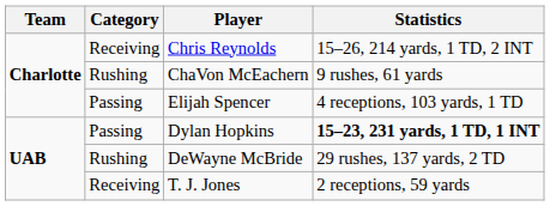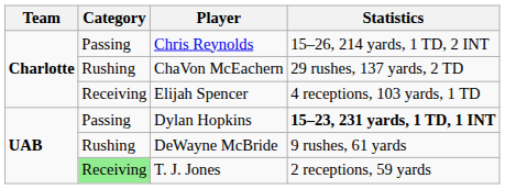 <table class="wikitable" style="float: left;">
 <tr>
 <th>Team</th>
 <th>Category</th>
 <th>Player</th>
 <th>Statistics</th>
 </tr>
 <tr>
 <td rowspan=3><strong>Charlotte</strong></td>
-<td>Receiving</td>
+<td>Passing</td>
 <td><a href='#'>Chris Reynolds</a></td>
 <td>15–26, 214 yards, 1 TD, 2 INT</td>
 </tr>
 <tr>
 <td>Rushing</td>
 <td>ChaVon McEachern</td>
-<td>9 rushes, 61 yards</td>
+<td>29 rushes, 137 yards, 2 TD</td>
 </tr>
 <tr>
-<td>Passing</td>
+<td>Receiving</td>
 <td>Elijah Spencer</td>
 <td>4 receptions, 103 yards, 1 TD</td>
 </tr>
 <tr>
 <td rowspan=3><strong>UAB</strong></td>
 <td>Passing</td>
 <td>Dylan Hopkins</td>
 <td><strong>15–23, 231 yards, 1 TD, 1 INT</strong></td>
 </tr>
 <tr>
 <td>Rushing</td>
 <td>DeWayne McBride</td>
-<td>29 rushes, 137 yards, 2 TD</td>
+<td>9 rushes, 61 yards</td>
 </tr>
 <tr>
-<td>Receiving</td>
+<td style="background: lightgreen;">Receiving</td>
 <td>T. J. Jones</td>
 <td>2 receptions, 59 yards</td>
 </tr>
 </table>
